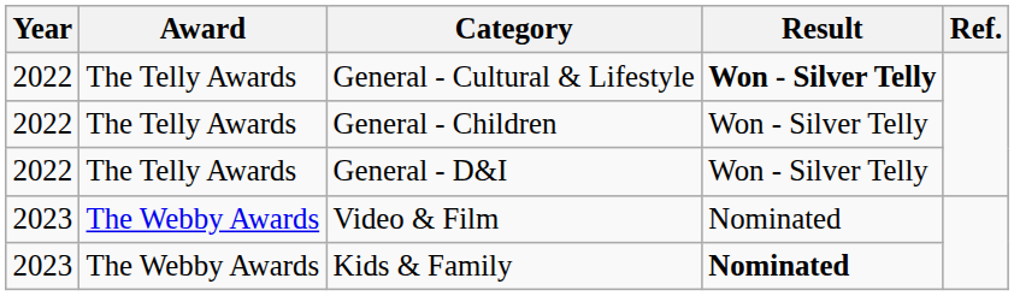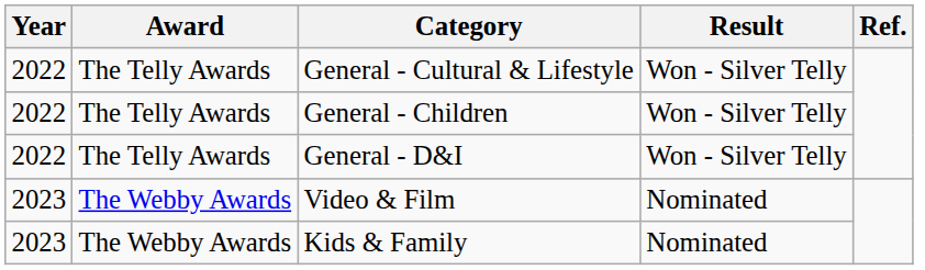 <table class="wikitable">
 <tr>
 <th>Year</th>
 <th>Award</th>
 <th>Category</th>
 <th>Result</th>
 <th>Ref.</th>
 </tr>
 <tr>
 <td>2022</td>
 <td>The Telly Awards</td>
 <td>General - Cultural & Lifestyle</td>
-<td><strong>Won - Silver Telly</strong></td>
+<td>Won - Silver Telly</td>
 <td rowspan="3"></td>
 </tr>
 <tr>
 <td>2022</td>
 <td>The Telly Awards</td>
 <td>General - Children</td>
 <td>Won - Silver Telly</td>
 </tr>
 <tr>
 <td>2022</td>
 <td>The Telly Awards</td>
 <td>General - D&I</td>
 <td>Won - Silver Telly</td>
 </tr>
 <tr>
 <td>2023</td>
 <td><a href='#'>The Webby Awards</a></td>
 <td>Video & Film</td>
 <td>Nominated</td>
 <td rowspan="2"></td>
 </tr>
 <tr>
 <td>2023</td>
 <td>The Webby Awards</td>
 <td>Kids & Family</td>
-<td><strong>Nominated</strong></td>
+<td>Nominated</td>
 </tr>
 </table>
